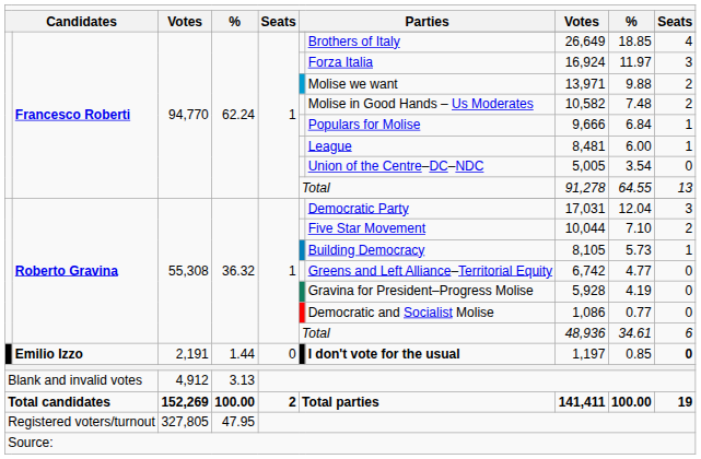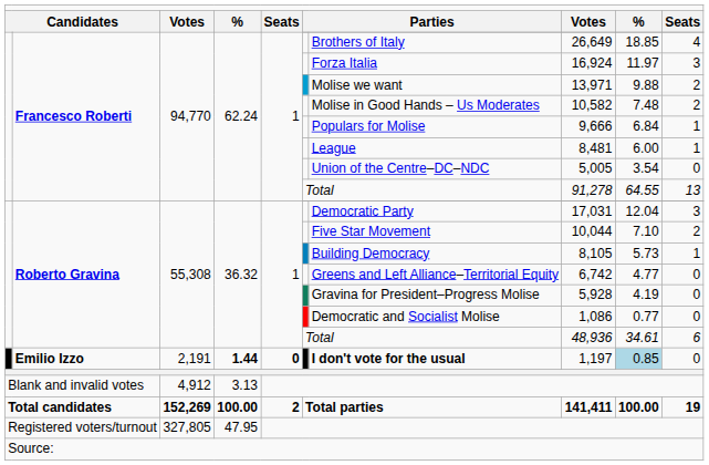 <table class="wikitable">
 <tr>
 <td colspan=10></td>
 </tr>
 <tr>
 <th colspan=2>Candidates</th>
 <th>Votes</th>
 <th>%</th>
 <th>Seats</th>
 <th colspan=2>Parties</th>
 <th>Votes</th>
 <th>%</th>
 <th>Seats</th>
 </tr>
 <tr>
 <td rowspan="9"></td>
 <td rowspan="9"><strong><a href='#'>Francesco Roberti</a></strong></td>
 <td rowspan="9" align=right>94,770</td>
 <td rowspan="9" align=right>62.24</td>
 <td rowspan="9" align=right>1</td>
 </tr>
 <tr>
 <td></td>
 <td><a href='#'>Brothers of Italy</a></td>
 <td align=right>26,649</td>
 <td align=right>18.85</td>
 <td align=right>4</td>
 </tr>
 <tr>
 <td></td>
 <td><a href='#'>Forza Italia</a></td>
 <td align=right>16,924</td>
 <td align=right>11.97</td>
 <td align=right>3</td>
 </tr>
 <tr>
 <td bgcolor="#009ed2"></td>
 <td>Molise we want</td>
 <td align=right>13,971</td>
 <td align=right>9.88</td>
 <td align=right>2</td>
 </tr>
 <tr>
 <td></td>
 <td style="text-align:left;">Molise in Good Hands – <a href='#'>Us Moderates</a></td>
 <td align=right>10,582</td>
 <td align=right>7.48</td>
 <td align=right>2</td>
 </tr>
 <tr>
 <td></td>
 <td><a href='#'>Populars for Molise</a></td>
 <td align=right>9,666</td>
 <td align=right>6.84</td>
 <td align=right>1</td>
 </tr>
 <tr>
 <td></td>
 <td><a href='#'>League</a></td>
 <td align=right>8,481</td>
 <td align=right>6.00</td>
 <td align=right>1</td>
 </tr>
 <tr>
 <td></td>
 <td style="text-align:left;"><a href='#'>Union of the Centre</a>–<a href='#'>DC</a>–<a href='#'>NDC</a></td>
 <td align=right>5,005</td>
 <td align=right>3.54</td>
 <td align=right>0</td>
 </tr>
 <tr>
 <td colspan=2><em>Total</em></td>
 <td align=right><em>91,278</em></td>
 <td align=right><em>64.55</em></td>
 <td align=right><em>13</em></td>
 </tr>
 <tr>
 <td rowspan=8></td>
 <td rowspan=8><strong><a href='#'>Roberto Gravina</a></strong></td>
 <td rowspan="8" align=right>55,308</td>
 <td rowspan="8" align=right>36.32</td>
 <td rowspan="8" align=right>1</td>
 </tr>
 <tr>
 <td></td>
 <td><a href='#'>Democratic Party</a></td>
 <td align=right>17,031</td>
 <td align=right>12.04</td>
 <td align=right>3</td>
 </tr>
 <tr>
 <td></td>
 <td><a href='#'>Five Star Movement</a></td>
 <td align=right>10,044</td>
 <td align=right>7.10</td>
 <td align=right>2</td>
 </tr>
 <tr>
 <td bgcolor="#0080bc"></td>
 <td style="text-align:left;"><a href='#'>Building Democracy</a></td>
 <td align=right>8,105</td>
 <td align=right>5.73</td>
 <td align=right>1</td>
 </tr>
 <tr>
 <td></td>
 <td><a href='#'>Greens and Left Alliance</a>–<a href='#'>Territorial Equity</a></td>
 <td align=right>6,742</td>
 <td align=right>4.77</td>
 <td align=right>0</td>
 </tr>
 <tr>
 <td bgcolor="#0f7e5d"></td>
 <td style="text-align:left;">Gravina for President–Progress Molise</td>
 <td align=right>5,928</td>
 <td align=right>4.19</td>
 <td align=right>0</td>
 </tr>
 <tr>
 <td bgcolor="red"></td>
 <td style="text-align:left;">Democratic and <a href='#'>Socialist</a> Molise</td>
 <td align=right>1,086</td>
 <td align=right>0.77</td>
 <td align=right>0</td>
 </tr>
 <tr>
 <td colspan=2><em>Total</em></td>
 <td align=right><em>48,936</em></td>
 <td align=right><em>34.61</em></td>
 <td align=right><em>6</em></td>
 </tr>
 <tr>
 <td bgcolor="black"></td>
 <td><strong>Emilio Izzo</strong></td>
 <td align=right>2,191</td>
-<td align=right>1.44</td>
-<td align=right>0</td>
+<td align=right><strong>1.44</strong></td>
+<td align=right><strong>0</strong></td>
 <td bgcolor="black"></td>
 <td><strong>I don't vote for the usual</strong></td>
 <td align=right>1,197</td>
-<td align=right>0.85</td>
-<td align=right><strong>0</strong></td>
+<td align=right style="background: lightblue;">0.85</td>
+<td align=right>0</td>
 </tr>
 <tr>
 <th colspan=10></th>
 </tr>
 <tr>
 <td colspan=2>Blank and invalid votes</td>
 <td align=right>4,912</td>
 <td align=right>3.13</td>
 <td colspan=6></td>
 </tr>
 <tr>
 <td colspan=2><strong>Total candidates</strong></td>
 <td align=right><strong>152,269</strong></td>
 <td align=right><strong>100.00</strong></td>
 <td align=right><strong>2</strong></td>
 <td colspan=2><strong>Total parties</strong></td>
 <td align=right><strong>141,411</strong></td>
 <td align=right><strong>100.00</strong></td>
 <td align=right><strong>19</strong></td>
 </tr>
 <tr>
 <td colspan=2>Registered voters/turnout</td>
 <td align=right>327,805</td>
 <td align=right>47.95</td>
 <td colspan=6></td>
 </tr>
 <tr>
 <td colspan=10>Source: </td>
 </tr>
 </table>
